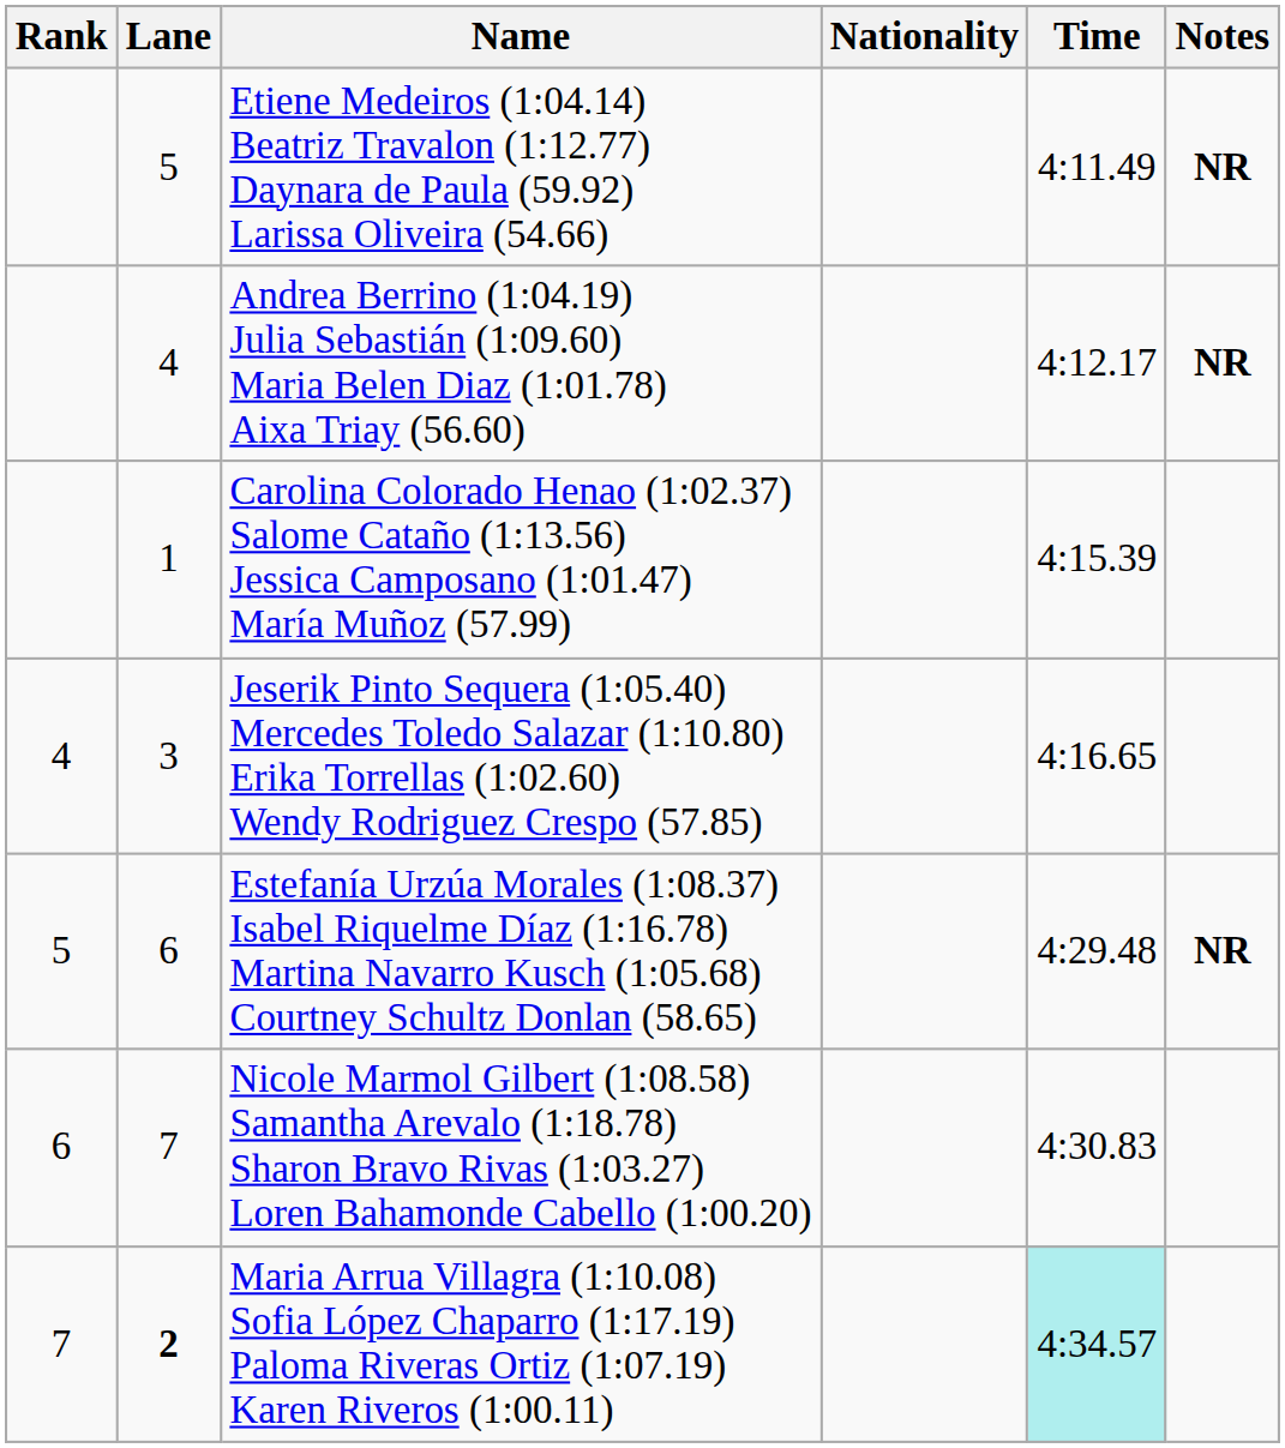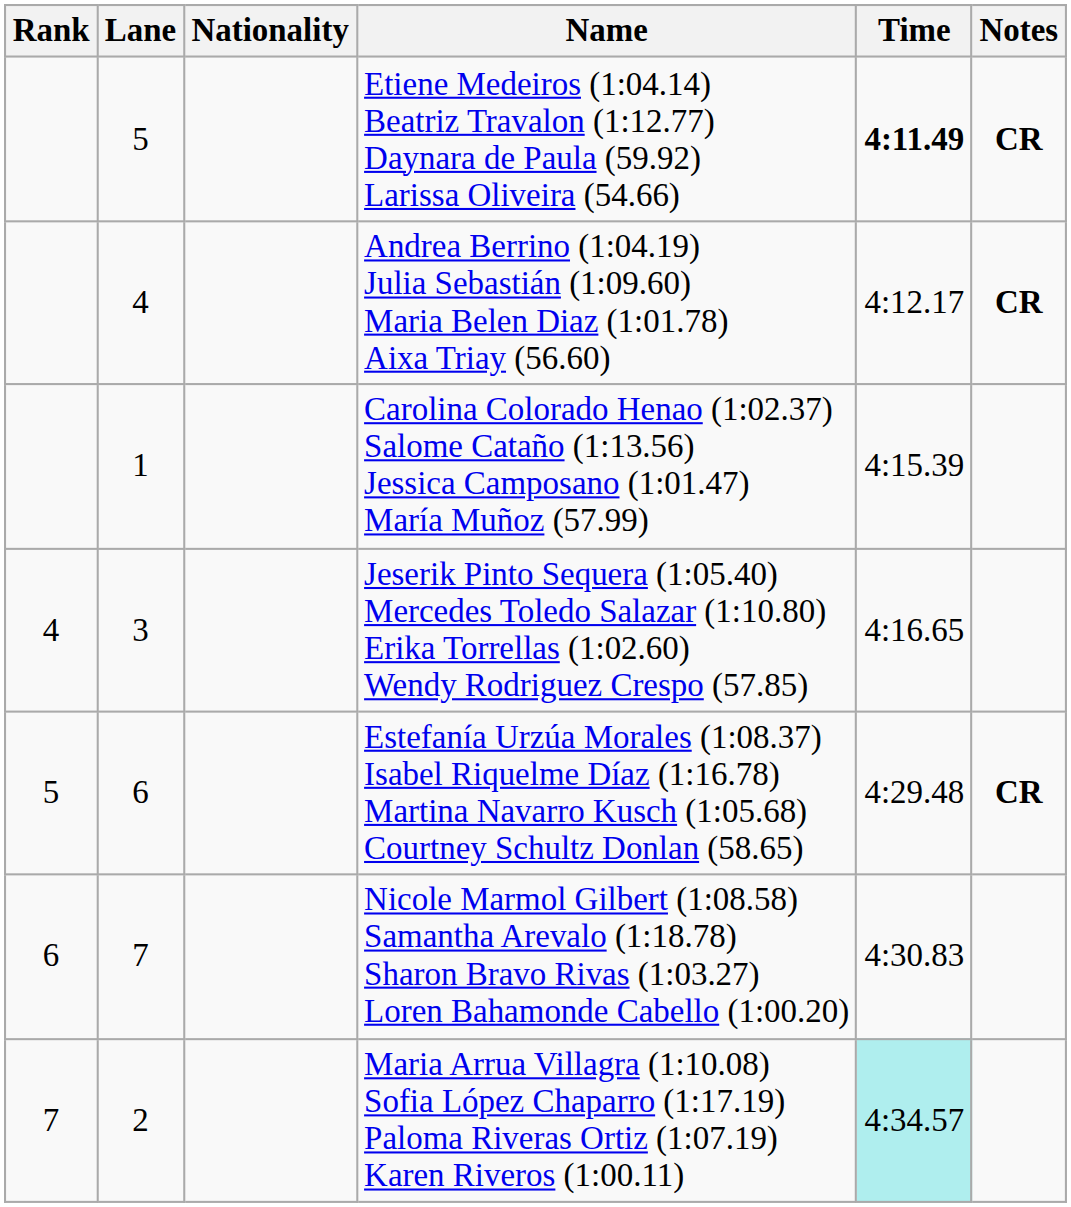 <table class="wikitable sortable" style="text-align:center">
 <tr>
 <th>Rank</th>
 <th>Lane</th>
+<th>Nationality</th>
 <th>Name</th>
-<th>Nationality</th>
 <th>Time</th>
 <th>Notes</th>
 </tr>
 <tr>
 <td></td>
 <td>5</td>
+<td align=left></td>
 <td align=left><a href='#'>Etiene Medeiros</a> (1:04.14) <br> <a href='#'>Beatriz Travalon</a> (1:12.77) <br> <a href='#'>Daynara de Paula</a> (59.92) <br> <a href='#'>Larissa Oliveira</a> (54.66)</td>
-<td align=left></td>
-<td>4:11.49</td>
-<td><strong>NR</strong></td>
+<td><strong>4:11.49</strong></td>
+<td><strong>CR</strong></td>
 </tr>
 <tr>
 <td></td>
 <td>4</td>
+<td align=left></td>
 <td align=left><a href='#'>Andrea Berrino</a> (1:04.19) <br> <a href='#'>Julia Sebastián</a> (1:09.60) <br> <a href='#'>Maria Belen Diaz</a> (1:01.78) <br> <a href='#'>Aixa Triay</a> (56.60)</td>
-<td align=left></td>
 <td>4:12.17</td>
-<td><strong>NR</strong></td>
+<td><strong>CR</strong></td>
 </tr>
 <tr>
 <td></td>
 <td>1</td>
+<td align=left></td>
 <td align=left><a href='#'>Carolina Colorado Henao</a> (1:02.37) <br> <a href='#'>Salome Cataño</a> (1:13.56) <br> <a href='#'>Jessica Camposano</a> (1:01.47) <br> <a href='#'>María Muñoz</a> (57.99)</td>
-<td align=left></td>
 <td>4:15.39</td>
 <td></td>
 </tr>
 <tr>
 <td>4</td>
 <td>3</td>
+<td align=left></td>
 <td align=left><a href='#'>Jeserik Pinto Sequera</a> (1:05.40) <br> <a href='#'>Mercedes Toledo Salazar</a> (1:10.80) <br> <a href='#'>Erika Torrellas</a> (1:02.60) <br> <a href='#'>Wendy Rodriguez Crespo</a> (57.85)</td>
-<td align=left></td>
 <td>4:16.65</td>
 <td></td>
 </tr>
 <tr>
 <td>5</td>
 <td>6</td>
+<td align=left></td>
 <td align=left><a href='#'>Estefanía Urzúa Morales</a> (1:08.37) <br> <a href='#'>Isabel Riquelme Díaz</a> (1:16.78) <br> <a href='#'>Martina Navarro Kusch</a> (1:05.68) <br> <a href='#'>Courtney Schultz Donlan</a> (58.65)</td>
-<td align=left></td>
 <td>4:29.48</td>
-<td><strong>NR</strong></td>
+<td><strong>CR</strong></td>
 </tr>
 <tr>
 <td>6</td>
 <td>7</td>
+<td align=left></td>
 <td align=left><a href='#'>Nicole Marmol Gilbert</a> (1:08.58) <br> <a href='#'>Samantha Arevalo</a> (1:18.78) <br> <a href='#'>Sharon Bravo Rivas</a> (1:03.27) <br> <a href='#'>Loren Bahamonde Cabello</a> (1:00.20)</td>
-<td align=left></td>
 <td>4:30.83</td>
 <td></td>
 </tr>
 <tr>
 <td>7</td>
-<td><strong>2</strong></td>
+<td>2</td>
+<td align=left></td>
 <td align=left><a href='#'>Maria Arrua Villagra</a> (1:10.08) <br> <a href='#'>Sofia López Chaparro</a> (1:17.19) <br> <a href='#'>Paloma Riveras Ortiz</a> (1:07.19) <br> <a href='#'>Karen Riveros</a> (1:00.11)</td>
-<td align=left></td>
 <td style="background: paleturquoise;">4:34.57</td>
 <td></td>
 </tr>
 </table>
